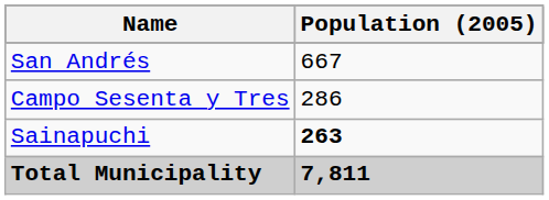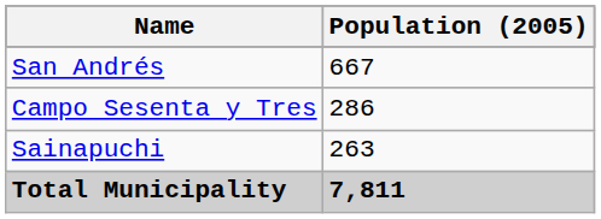 <table class="wikitable">
 <tr style="background:#000000; color:black;">
 <th><strong>Name</strong></th>
 <th><strong>Population (2005)</strong></th>
 </tr>
 <tr>
 <td><a href='#'>San Andrés</a></td>
 <td>667</td>
 </tr>
 <tr>
 <td><a href='#'>Campo Sesenta y Tres</a></td>
 <td>286</td>
 </tr>
 <tr>
 <td><a href='#'>Sainapuchi</a></td>
-<td><strong>263</strong></td>
+<td>263</td>
 </tr>
 <tr style="background:#CFCFCF;">
 <td><strong>Total Municipality</strong></td>
 <td><strong>7,811</strong></td>
 </tr>
 </table>
